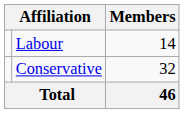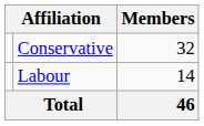 <table class="wikitable">
 <tr>
 <th colspan="2">Affiliation</th>
 <th>Members</th>
 </tr>
 <tr>
 <td style="color:inherit;background:"></td>
-<td><a href='#'>Labour</a></td>
-<td style="text-align:right;">14</td>
+<td><a href='#'>Conservative</a></td>
+<td style="text-align:right;">32</td>
 </tr>
 <tr>
 <td style="color:inherit;background:"></td>
-<td><a href='#'>Conservative</a></td>
-<td style="text-align:right;">32</td>
+<td><a href='#'>Labour</a></td>
+<td style="text-align:right;">14</td>
 </tr>
 <tr>
 <th colspan="2"> Total</th>
 <th style="text-align:right;">46</th>
 </tr>
 </table>
